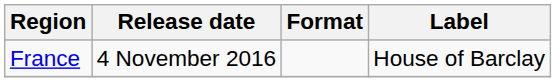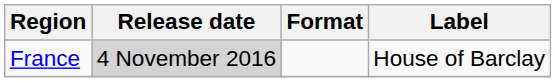 <table class="wikitable">
 <tr>
 <th>Region</th>
 <th>Release date</th>
 <th>Format</th>
 <th>Label</th>
 </tr>
 <tr>
 <td><a href='#'>France</a></td>
-<td>4 November 2016</td>
+<td style="background: lightgrey;">4 November 2016</td>
 <td></td>
 <td>House of Barclay</td>
 </tr>
 <tr>
 </tr>
 </table>
